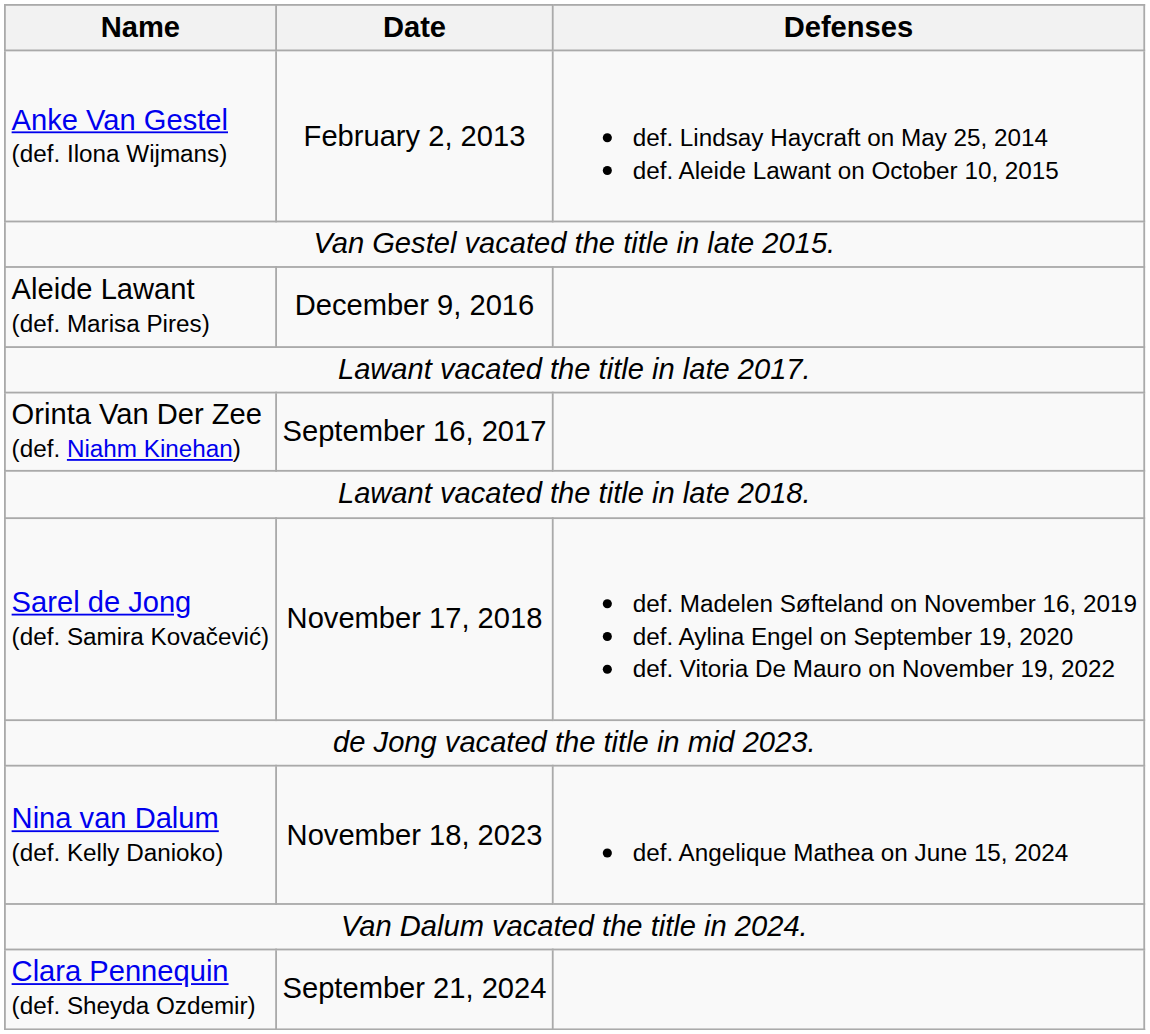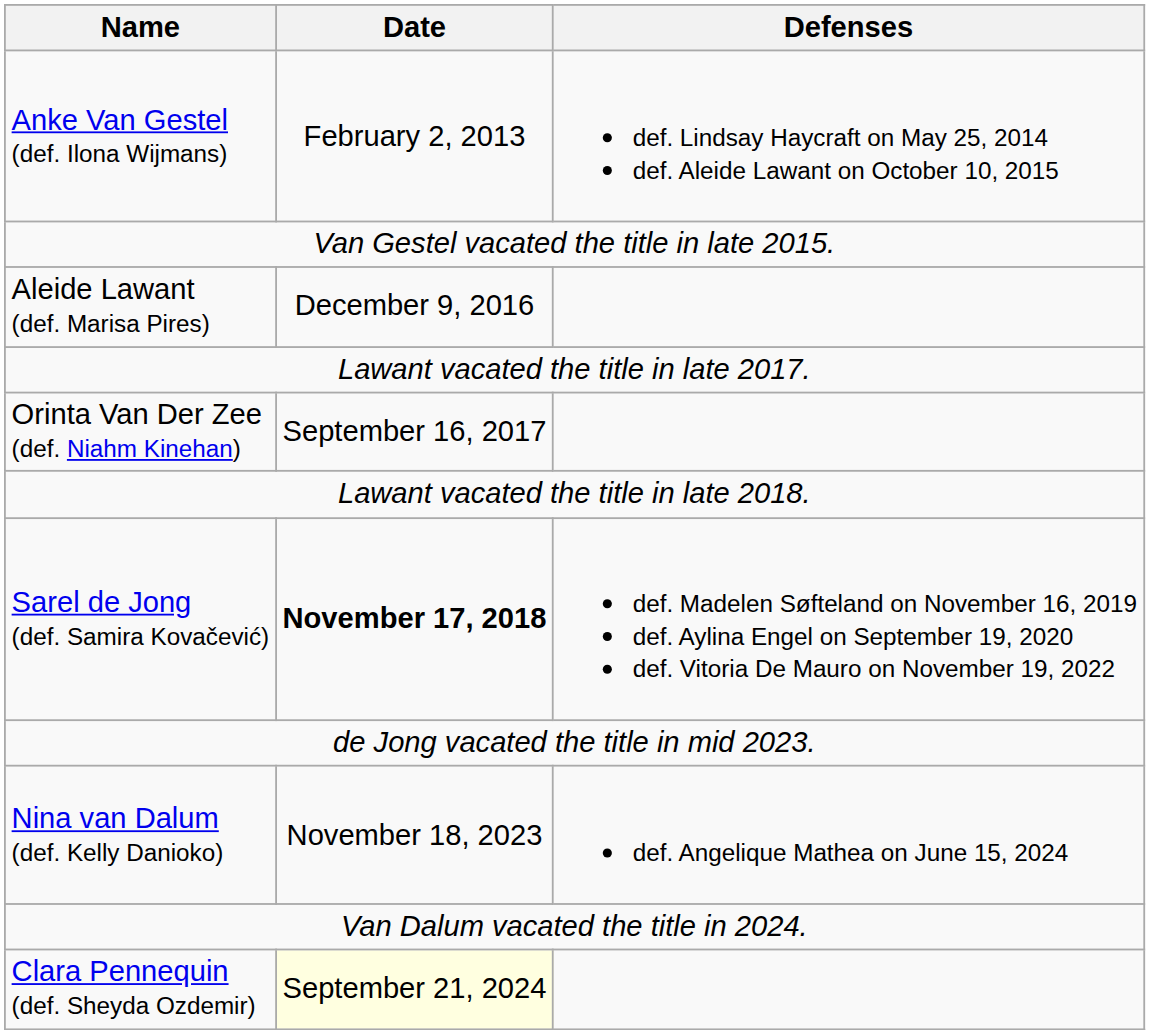 <table class="wikitable">
 <tr>
 <th>Name</th>
 <th>Date</th>
 <th>Defenses</th>
 </tr>
 <tr>
 <td align=left> <a href='#'>Anke Van Gestel</a> <br><small>(def. Ilona Wijmans)</small></td>
 <td align=center>February 2, 2013</td>
 <td><br><ul><li><small>def. Lindsay Haycraft on May 25, 2014 </small></li><li><small>def. Aleide Lawant on October 10, 2015 </small></li></ul></td>
 </tr>
 <tr>
 <td colspan=3 align=center><em>Van Gestel vacated the title in late 2015.</em></td>
 </tr>
 <tr>
 <td align=left> Aleide Lawant <br><small>(def. Marisa Pires)</small></td>
 <td align=center>December 9, 2016</td>
 <td></td>
 </tr>
 <tr>
 <td colspan=3 align=center><em>Lawant vacated the title in late 2017.</em></td>
 </tr>
 <tr>
 <td align=left> Orinta Van Der Zee <br><small>(def. <a href='#'>Niahm Kinehan</a>)</small></td>
 <td align=center>September 16, 2017</td>
 <td></td>
 </tr>
 <tr>
 <td colspan=3 align=center><em>Lawant vacated the title in late 2018.</em></td>
 </tr>
 <tr>
 <td align=left> <a href='#'>Sarel de Jong</a> <br><small>(def. Samira Kovačević)</small></td>
-<td align=center>November 17, 2018</td>
+<td align=center><strong>November 17, 2018</strong></td>
 <td><br><ul><li><small>def. Madelen Søfteland on November 16, 2019 </small></li><li><small>def. Aylina Engel on September 19, 2020 </small></li><li><small>def. Vitoria De Mauro on November 19, 2022 </small></li></ul></td>
 </tr>
 <tr>
 <td colspan=3 align=center><em>de Jong vacated the title in mid 2023.</em></td>
 </tr>
 <tr>
 <td align=left> <a href='#'>Nina van Dalum</a> <br><small>(def. Kelly Danioko)</small></td>
 <td align=center>November 18, 2023</td>
 <td><br><ul><li><small>def. Angelique Mathea on June 15, 2024 </small></li></ul></td>
 </tr>
 <tr>
 <td colspan=3 align=center><em>Van Dalum vacated the title in 2024.</em></td>
 </tr>
 <tr>
 <td align=left> <a href='#'>Clara Pennequin</a> <br><small>(def. Sheyda Ozdemir)</small></td>
-<td align=center>September 21, 2024</td>
+<td align=center style="background: lightyellow;">September 21, 2024</td>
 <td></td>
 </tr>
 <tr>
 </tr>
 </table>
